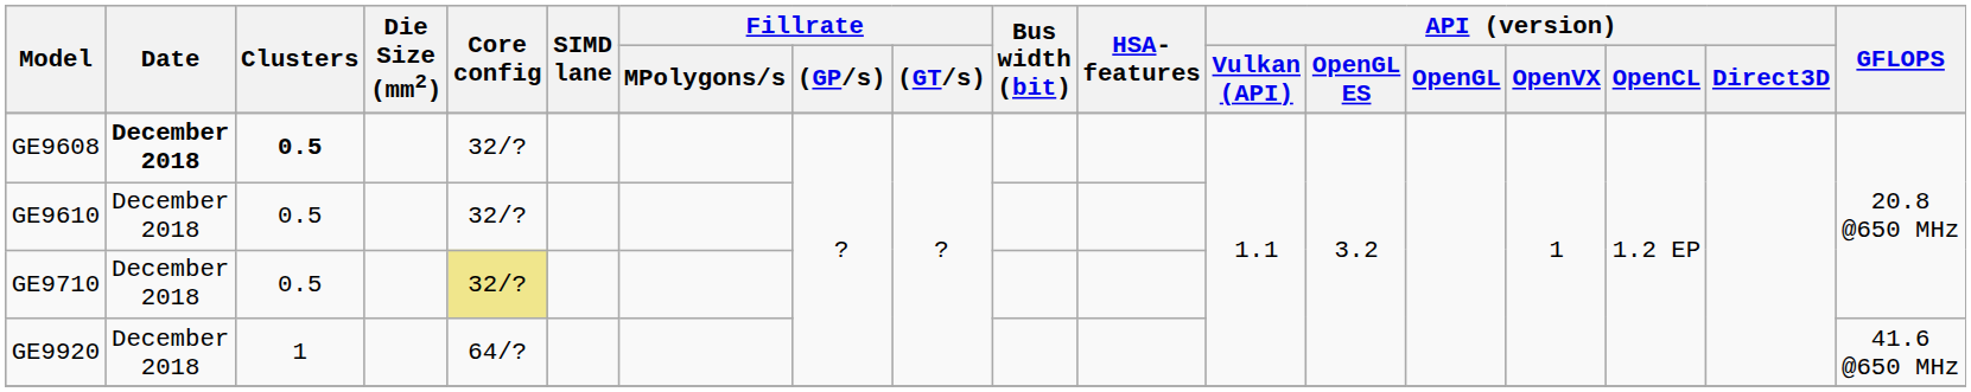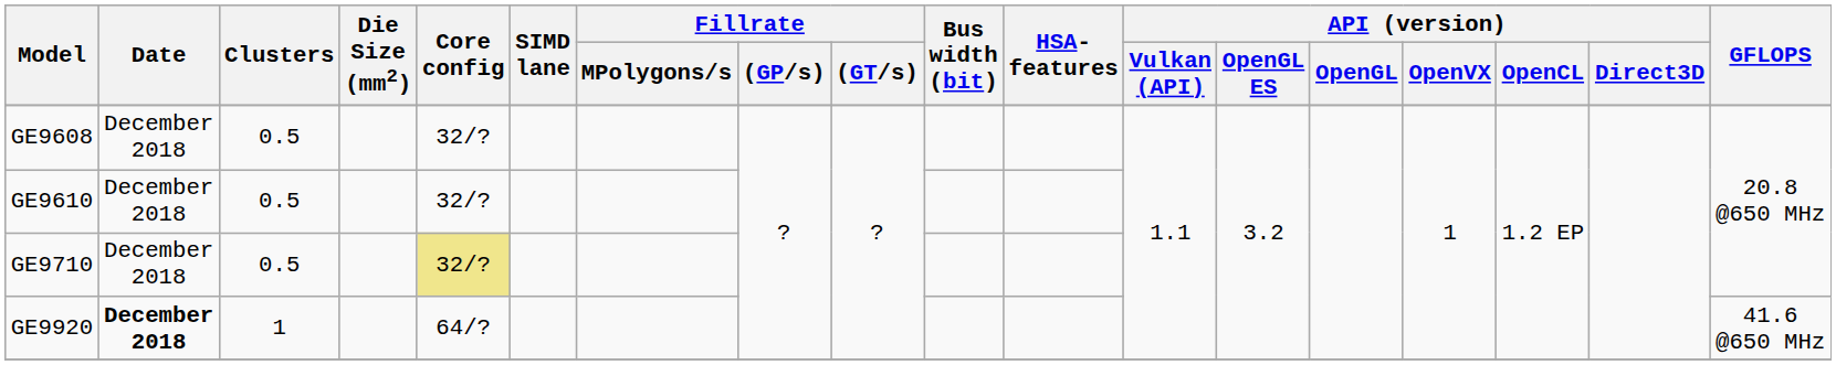 <table class="wikitable" style="text-align: center;">
 <tr>
 <th rowspan=2>Model</th>
 <th rowspan=2>Date</th>
 <th rowspan=2>Clusters</th>
 <th rowspan=2>Die Size (mm<sup>2</sup>)</th>
 <th rowspan=2>Core config</th>
 <th rowspan=2>SIMD lane</th>
 <th colspan=3><a href='#'>Fillrate</a></th>
 <th rowspan=2>Bus width<br>(<a href='#'>bit</a>)</th>
 <th rowspan=2><a href='#'>HSA</a>-features</th>
 <th colspan=6><a href='#'>API</a> (version)</th>
 <th rowspan="2"><a href='#'>GFLOPS</a></th>
 </tr>
 <tr>
 <th>MPolygons/s</th>
 <th>(<a href='#'>GP</a>/s)</th>
 <th>(<a href='#'>GT</a>/s)</th>
 <th><a href='#'>Vulkan (API)</a></th>
 <th><a href='#'>OpenGL ES</a></th>
 <th><a href='#'>OpenGL</a></th>
 <th><a href='#'>OpenVX</a></th>
 <th><a href='#'>OpenCL</a></th>
 <th><a href='#'>Direct3D</a></th>
 </tr>
 <tr>
 </tr>
 <tr>
 <td>GE9608</td>
-<td><strong>December 2018</strong></td>
-<td><strong>0.5</strong></td>
+<td>December 2018</td>
+<td>0.5</td>
 <td></td>
 <td>32/?</td>
 <td></td>
 <td></td>
 <td rowspan="4">?</td>
 <td rowspan="4">?</td>
 <td></td>
 <td></td>
 <td rowspan="4">1.1</td>
 <td rowspan="4">3.2</td>
 <td rowspan="4"></td>
 <td rowspan="4">1</td>
 <td rowspan="4">1.2 EP</td>
 <td rowspan="4"></td>
 <td rowspan="3">20.8 @650 MHz</td>
 </tr>
 <tr>
 <td>GE9610</td>
 <td>December 2018</td>
 <td>0.5</td>
 <td></td>
 <td>32/?</td>
 <td></td>
 <td></td>
 <td></td>
 <td></td>
 </tr>
 <tr>
 <td>GE9710</td>
 <td>December 2018</td>
 <td>0.5</td>
 <td></td>
 <td style="background: khaki;">32/?</td>
 <td></td>
 <td></td>
 <td></td>
 <td></td>
 </tr>
 <tr>
 <td>GE9920</td>
-<td>December 2018</td>
+<td><strong>December 2018</strong></td>
 <td>1</td>
 <td></td>
 <td>64/?</td>
 <td></td>
 <td></td>
 <td></td>
 <td></td>
 <td>41.6 @650 MHz</td>
 </tr>
 <tr>
 </tr>
 </table>
